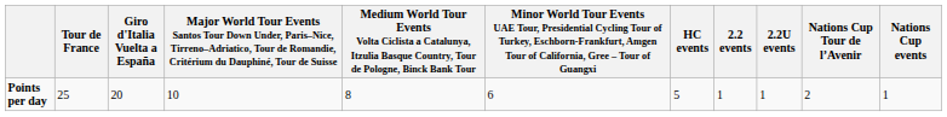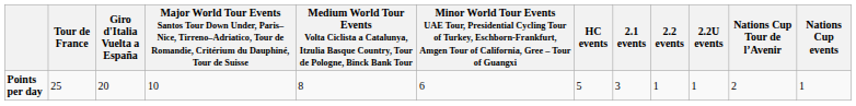 <table class="wikitable">
 <tr>
 <th></th>
 <th>Tour de France</th>
 <th>Giro d'Italia <br> Vuelta a España</th>
 <th>Major World Tour Events<br><small> Santos Tour Down Under, Paris–Nice, Tirreno–Adriatico, Tour de Romandie, Critérium du Dauphiné, Tour de Suisse </small></th>
 <th>Medium World Tour Events<br><small> Volta Ciclista a Catalunya, Itzulia Basque Country, Tour de Pologne, Binck Bank Tour </small></th>
 <th>Minor World Tour Events<br><small> UAE Tour, Presidential Cycling Tour of Turkey, Eschborn-Frankfurt, Amgen Tour of California, Gree – Tour of Guangxi </small></th>
 <th>HC events</th>
+<th>2.1 events</th>
 <th>2.2 events</th>
 <th>2.2U events</th>
 <th>Nations Cup Tour de l’Avenir</th>
 <th>Nations Cup events</th>
 </tr>
 <tr>
 <td><strong>Points per day</strong></td>
 <td>25</td>
 <td>20</td>
 <td>10</td>
 <td>8</td>
 <td>6</td>
 <td>5</td>
+<td>3</td>
 <td>1</td>
 <td>1</td>
 <td>2</td>
 <td>1</td>
 </tr>
 </table>
